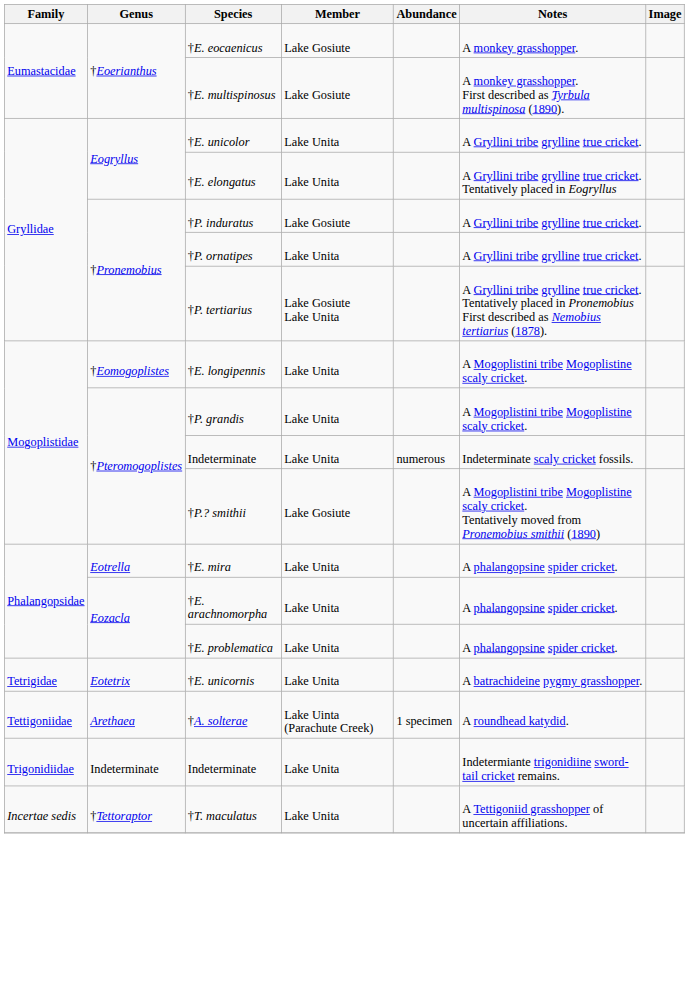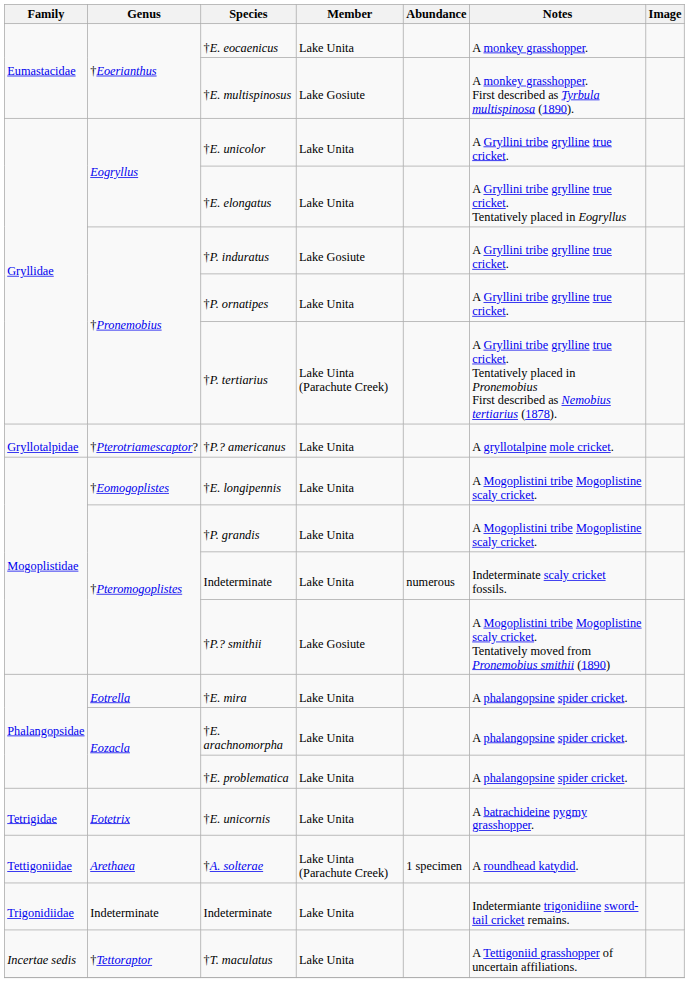 <table class="wikitable" style="margin:auto;width:100%;">
 <tr>
 <th>Family</th>
 <th>Genus</th>
 <th>Species</th>
 <th>Member</th>
 <th>Abundance</th>
 <th>Notes</th>
 <th>Image</th>
 </tr>
 <tr>
 <td rowspan=2><a href='#'>Eumastacidae</a></td>
 <td rowspan=2>†<em><a href='#'>Eoerianthus</a></em></td>
 <td><br>†<em>E. eocaenicus</em> </td>
-<td><br>Lake Gosiute</td>
+<td><br>Lake Unita</td>
 <td></td>
 <td><br>A <a href='#'>monkey grasshopper</a>.</td>
 <td><br></td>
 </tr>
 <tr>
 <td><br>†<em>E. multispinosus</em> </td>
 <td><br>Lake Gosiute</td>
 <td></td>
 <td><br>A <a href='#'>monkey grasshopper</a>.<br>First described as <em><a href='#'>Tyrbula multispinosa</a></em> (<a href='#'>1890</a>).</td>
 <td></td>
 </tr>
 <tr>
 <td rowspan=5><a href='#'>Gryllidae</a></td>
 <td rowspan=2><em><a href='#'>Eogryllus</a></em></td>
 <td><br>†<em>E. unicolor</em> </td>
 <td><br>Lake Unita</td>
 <td></td>
 <td><br>A <a href='#'>Gryllini tribe</a> <a href='#'>grylline</a> <a href='#'>true cricket</a>.</td>
 <td><br></td>
 </tr>
 <tr>
 <td><br>†<em>E. elongatus</em> </td>
 <td><br>Lake Unita</td>
 <td></td>
 <td><br>A <a href='#'>Gryllini tribe</a> <a href='#'>grylline</a> <a href='#'>true cricket</a>.<br>Tentatively placed in <em>Eogryllus</em></td>
 <td><br></td>
 </tr>
 <tr>
 <td rowspan=3>†<em><a href='#'>Pronemobius</a></em></td>
 <td><br>†<em>P. induratus</em> </td>
 <td><br>Lake Gosiute</td>
 <td></td>
 <td><br>A <a href='#'>Gryllini tribe</a> <a href='#'>grylline</a> <a href='#'>true cricket</a>.</td>
 <td><br></td>
 </tr>
 <tr>
 <td><br>†<em>P. ornatipes</em> </td>
 <td><br>Lake Unita</td>
 <td></td>
 <td><br>A <a href='#'>Gryllini tribe</a> <a href='#'>grylline</a> <a href='#'>true cricket</a>.</td>
 <td><br></td>
 </tr>
 <tr>
 <td><br>†<em>P. tertiarius</em> </td>
-<td><br>Lake Gosiute<br> Lake Unita</td>
+<td><br>Lake Uinta (Parachute Creek)</td>
 <td></td>
 <td><br>A <a href='#'>Gryllini tribe</a> <a href='#'>grylline</a> <a href='#'>true cricket</a>.<br>Tentatively placed in <em>Pronemobius</em><br>First described as <em><a href='#'>Nemobius tertiarius</a></em> (<a href='#'>1878</a>).</td>
+<td><br></td>
+</tr>
+<tr>
+<td><br><a href='#'>Gryllotalpidae</a></td>
+<td><br>†<em><a href='#'>Pterotriamescaptor</a></em>?</td>
+<td><br>†<em>P.? americanus</em> </td>
+<td><br>Lake Unita</td>
+<td></td>
+<td><br>A <a href='#'>gryllotalpine</a> <a href='#'>mole cricket</a>.</td>
 <td><br></td>
 </tr>
 <tr>
 <td rowspan=4><a href='#'>Mogoplistidae</a></td>
 <td><br>†<em><a href='#'>Eomogoplistes</a></em></td>
 <td><br>†<em>E. longipennis</em> </td>
 <td><br>Lake Unita</td>
 <td></td>
 <td><br>A <a href='#'>Mogoplistini tribe</a> <a href='#'>Mogoplistine</a> <a href='#'>scaly cricket</a>.</td>
 <td><br></td>
 </tr>
 <tr>
 <td rowspan=3>†<em><a href='#'>Pteromogoplistes</a></em></td>
 <td><br>†<em>P. grandis</em> </td>
 <td><br>Lake Unita</td>
 <td></td>
 <td><br>A <a href='#'>Mogoplistini tribe</a> <a href='#'>Mogoplistine</a> <a href='#'>scaly cricket</a>.</td>
 <td><br></td>
 </tr>
 <tr>
 <td><br>Indeterminate</td>
 <td><br>Lake Unita</td>
 <td><br>numerous</td>
 <td><br>Indeterminate <a href='#'>scaly cricket</a> fossils.</td>
 <td></td>
 </tr>
 <tr>
 <td><br>†<em>P.? smithii</em> </td>
 <td><br>Lake Gosiute</td>
 <td></td>
 <td><br>A <a href='#'>Mogoplistini tribe</a> <a href='#'>Mogoplistine</a> <a href='#'>scaly cricket</a>.<br>Tentatively moved from <em><a href='#'>Pronemobius smithii</a></em> (<a href='#'>1890</a>)</td>
 <td><br></td>
 </tr>
 <tr>
 <td rowspan=3><a href='#'>Phalangopsidae</a></td>
 <td><br><em><a href='#'>Eotrella</a></em></td>
 <td><br>†<em>E. mira</em> </td>
 <td><br>Lake Unita</td>
 <td></td>
 <td><br>A <a href='#'>phalangopsine</a> <a href='#'>spider cricket</a>.</td>
 <td></td>
 </tr>
 <tr>
 <td rowspan=2><em><a href='#'>Eozacla</a></em></td>
 <td><br>†<em>E. arachnomorpha</em> </td>
 <td><br>Lake Unita</td>
 <td></td>
 <td><br>A <a href='#'>phalangopsine</a> <a href='#'>spider cricket</a>.</td>
 <td><br></td>
 </tr>
 <tr>
 <td><br>†<em>E. problematica</em> </td>
 <td><br>Lake Unita</td>
 <td></td>
 <td><br>A <a href='#'>phalangopsine</a> <a href='#'>spider cricket</a>.</td>
 <td><br></td>
 </tr>
 <tr>
 <td><br><a href='#'>Tetrigidae</a></td>
 <td><br><em><a href='#'>Eotetrix</a></em></td>
 <td><br>†<em>E. unicornis</em> </td>
 <td><br>Lake Unita</td>
 <td></td>
 <td><br>A <a href='#'>batrachideine</a> <a href='#'>pygmy grasshopper</a>.</td>
 <td><br></td>
 </tr>
 <tr>
 <td><br><a href='#'>Tettigoniidae</a></td>
 <td><br><em><a href='#'>Arethaea</a></em></td>
 <td><br>†<em><a href='#'>A. solterae</a></em> </td>
 <td><br>Lake Uinta (Parachute Creek)</td>
 <td><br>1 specimen</td>
 <td><br>A <a href='#'>roundhead katydid</a>.</td>
 <td></td>
 </tr>
 <tr>
 <td><br><a href='#'>Trigonidiidae</a></td>
 <td><br>Indeterminate</td>
 <td><br>Indeterminate</td>
 <td><br>Lake Unita</td>
 <td></td>
 <td><br>Indetermiante <a href='#'>trigonidiine</a> <a href='#'>sword-tail cricket</a> remains.</td>
 <td></td>
 </tr>
 <tr>
 <td><br><em>Incertae sedis</em></td>
 <td><br>†<em><a href='#'>Tettoraptor</a></em></td>
 <td><br>†<em>T. maculatus</em> </td>
 <td><br>Lake Unita</td>
 <td></td>
 <td><br>A <a href='#'>Tettigoniid grasshopper</a> of uncertain affiliations.</td>
 <td><br></td>
 </tr>
 <tr>
 </tr>
 </table>
